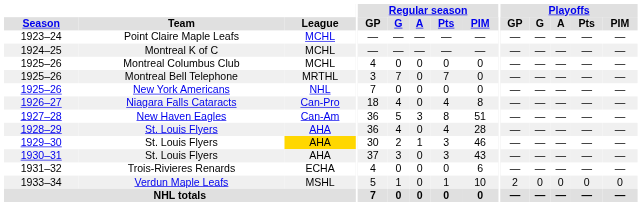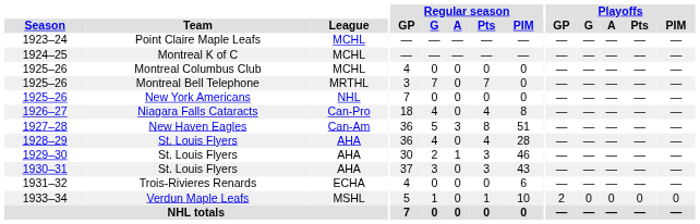 <table border="0" cellpadding="1" cellspacing="0" style="text-align:center; width:60em">
 <tr bgcolor="#e0e0e0">
 <th colspan="3" bgcolor="#ffffff"></th>
 <th rowspan="100" bgcolor="#ffffff"></th>
 <th colspan="5"><a href='#'>Regular season</a></th>
 <th rowspan="100" bgcolor="#ffffff"></th>
 <th colspan="5"><a href='#'>Playoffs</a></th>
 </tr>
 <tr bgcolor="#e0e0e0">
 <th><a href='#'>Season</a></th>
 <th>Team</th>
 <th>League</th>
 <th>GP</th>
 <th><a href='#'>G</a></th>
 <th><a href='#'>A</a></th>
 <th><a href='#'>Pts</a></th>
 <th><a href='#'>PIM</a></th>
 <th>GP</th>
 <th>G</th>
 <th>A</th>
 <th>Pts</th>
 <th>PIM</th>
 </tr>
 <tr>
 <td>1923–24</td>
 <td>Point Claire Maple Leafs</td>
 <td><a href='#'>MCHL</a></td>
 <td>—</td>
 <td>—</td>
 <td>—</td>
 <td>—</td>
 <td>—</td>
 <td>—</td>
 <td>—</td>
 <td>—</td>
 <td>—</td>
 <td>—</td>
 </tr>
 <tr bgcolor="#f0f0f0">
 <td>1924–25</td>
 <td>Montreal K of C</td>
 <td>MCHL</td>
 <td>—</td>
 <td>—</td>
 <td>—</td>
 <td>—</td>
 <td>—</td>
 <td>—</td>
 <td>—</td>
 <td>—</td>
 <td>—</td>
 <td>—</td>
 </tr>
 <tr>
 <td>1925–26</td>
 <td>Montreal Columbus Club</td>
 <td>MCHL</td>
 <td>4</td>
 <td>0</td>
 <td>0</td>
 <td>0</td>
 <td>0</td>
 <td>—</td>
 <td>—</td>
 <td>—</td>
 <td>—</td>
 <td>—</td>
 </tr>
 <tr bgcolor="#f0f0f0">
 <td>1925–26</td>
 <td>Montreal Bell Telephone</td>
 <td>MRTHL</td>
 <td>3</td>
 <td>7</td>
 <td>0</td>
 <td>7</td>
 <td>0</td>
 <td>—</td>
 <td>—</td>
 <td>—</td>
 <td>—</td>
 <td>—</td>
 </tr>
 <tr>
 <td><a href='#'>1925–26</a></td>
 <td><a href='#'>New York Americans</a></td>
 <td><a href='#'>NHL</a></td>
 <td>7</td>
 <td>0</td>
 <td>0</td>
 <td>0</td>
 <td>0</td>
 <td>—</td>
 <td>—</td>
 <td>—</td>
 <td>—</td>
 <td>—</td>
 </tr>
 <tr bgcolor="#f0f0f0">
 <td><a href='#'>1926–27</a></td>
 <td><a href='#'>Niagara Falls Cataracts</a></td>
 <td><a href='#'>Can-Pro</a></td>
 <td>18</td>
 <td>4</td>
 <td>0</td>
 <td>4</td>
 <td>8</td>
 <td>—</td>
 <td>—</td>
 <td>—</td>
 <td>—</td>
 <td>—</td>
 </tr>
 <tr>
 <td><a href='#'>1927–28</a></td>
 <td><a href='#'>New Haven Eagles</a></td>
 <td><a href='#'>Can-Am</a></td>
 <td>36</td>
 <td>5</td>
 <td>3</td>
 <td>8</td>
 <td>51</td>
 <td>—</td>
 <td>—</td>
 <td>—</td>
 <td>—</td>
 <td>—</td>
 </tr>
 <tr bgcolor="#f0f0f0">
 <td><a href='#'>1928–29</a></td>
 <td><a href='#'>St. Louis Flyers</a></td>
 <td><a href='#'>AHA</a></td>
 <td>36</td>
 <td>4</td>
 <td>0</td>
 <td>4</td>
 <td>28</td>
 <td>—</td>
 <td>—</td>
 <td>—</td>
 <td>—</td>
 <td>—</td>
 </tr>
 <tr>
 <td><a href='#'>1929–30</a></td>
 <td>St. Louis Flyers</td>
-<td style="background: gold;">AHA</td>
+<td>AHA</td>
 <td>30</td>
 <td>2</td>
 <td>1</td>
 <td>3</td>
 <td>46</td>
 <td>—</td>
 <td>—</td>
 <td>—</td>
 <td>—</td>
 <td>—</td>
 </tr>
 <tr bgcolor="#f0f0f0">
 <td><a href='#'>1930–31</a></td>
 <td>St. Louis Flyers</td>
 <td>AHA</td>
 <td>37</td>
 <td>3</td>
 <td>0</td>
 <td>3</td>
 <td>43</td>
 <td>—</td>
 <td>—</td>
 <td>—</td>
 <td>—</td>
 <td>—</td>
 </tr>
 <tr>
 <td>1931–32</td>
 <td>Trois-Rivieres Renards</td>
 <td>ECHA</td>
 <td>4</td>
 <td>0</td>
 <td>0</td>
 <td>0</td>
 <td>6</td>
 <td>—</td>
 <td>—</td>
 <td>—</td>
 <td>—</td>
 <td>—</td>
 </tr>
 <tr bgcolor="#f0f0f0">
 <td>1933–34</td>
 <td><a href='#'>Verdun Maple Leafs</a></td>
 <td>MSHL</td>
 <td>5</td>
 <td>1</td>
 <td>0</td>
 <td>1</td>
 <td>10</td>
 <td>2</td>
 <td>0</td>
 <td>0</td>
 <td>0</td>
 <td>0</td>
 </tr>
 <tr bgcolor="#e0e0e0">
 <th colspan="3">NHL totals</th>
 <th>7</th>
 <th>0</th>
 <th>0</th>
 <th>0</th>
 <th>0</th>
 <th>—</th>
 <th>—</th>
 <th>—</th>
 <th>—</th>
 <th>—</th>
 </tr>
 </table>
